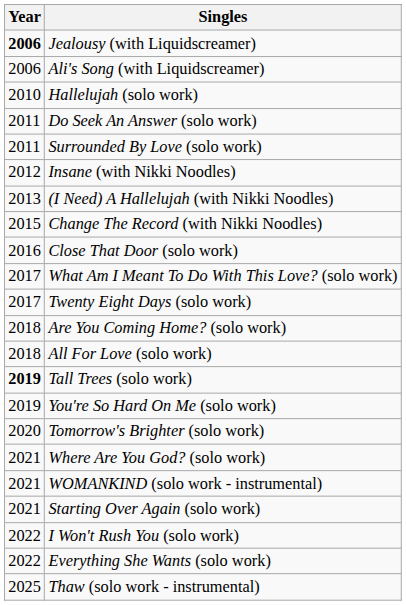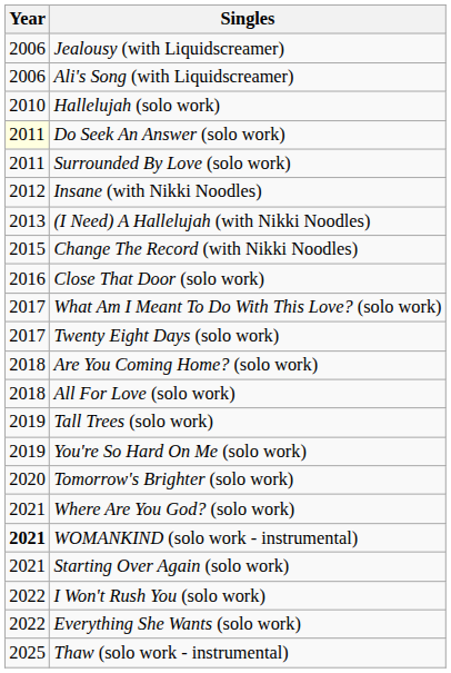 <table class="wikitable">
 <tr>
 <th>Year</th>
 <th>Singles</th>
 </tr>
 <tr>
-<td><strong>2006</strong></td>
+<td>2006</td>
 <td><em>Jealousy</em> (with Liquidscreamer)</td>
 </tr>
 <tr>
 <td>2006</td>
 <td><em>Ali's Song</em> (with Liquidscreamer)</td>
 </tr>
 <tr>
 <td>2010</td>
 <td><em>Hallelujah</em> (solo work)</td>
 </tr>
 <tr>
-<td>2011</td>
+<td style="background: lightyellow;">2011</td>
 <td><em>Do Seek An Answer</em> (solo work)</td>
 </tr>
 <tr>
 <td>2011</td>
 <td><em>Surrounded By Love</em> (solo work)</td>
 </tr>
 <tr>
 <td>2012</td>
 <td><em>Insane</em> (with Nikki Noodles)</td>
 </tr>
 <tr>
 <td>2013</td>
 <td><em>(I Need) A Hallelujah</em> (with Nikki Noodles)</td>
 </tr>
 <tr>
 <td>2015</td>
 <td><em>Change The Record</em> (with Nikki Noodles)</td>
 </tr>
 <tr>
 <td>2016</td>
 <td><em>Close That Door</em> (solo work)</td>
 </tr>
 <tr>
 <td>2017</td>
 <td><em>What Am I Meant To Do With This Love?</em> (solo work)</td>
 </tr>
 <tr>
 <td>2017</td>
 <td><em>Twenty Eight Days</em> (solo work)</td>
 </tr>
 <tr>
 <td>2018</td>
 <td><em>Are You Coming Home?</em> (solo work)</td>
 </tr>
 <tr>
 <td>2018</td>
 <td><em>All For Love</em> (solo work)</td>
 </tr>
 <tr>
-<td><strong>2019</strong></td>
+<td>2019</td>
 <td><em>Tall Trees</em> (solo work)</td>
 </tr>
 <tr>
 <td>2019</td>
 <td><em>You're So Hard On Me</em> (solo work)</td>
 </tr>
 <tr>
 <td>2020</td>
 <td><em>Tomorrow's Brighter</em> (solo work)</td>
 </tr>
 <tr>
 <td>2021</td>
 <td><em>Where Are You God?</em> (solo work)</td>
 </tr>
 <tr>
-<td>2021</td>
+<td><strong>2021</strong></td>
 <td><em>WOMANKIND</em> (solo work - instrumental)</td>
 </tr>
 <tr>
 <td>2021</td>
 <td><em>Starting Over Again</em> (solo work)</td>
 </tr>
 <tr>
 <td>2022</td>
 <td><em>I Won't Rush You</em> (solo work)</td>
 </tr>
 <tr>
 <td>2022</td>
 <td><em>Everything She Wants</em> (solo work)</td>
 </tr>
 <tr>
 <td>2025</td>
 <td><em>Thaw</em> (solo work - instrumental)</td>
 </tr>
 </table>
